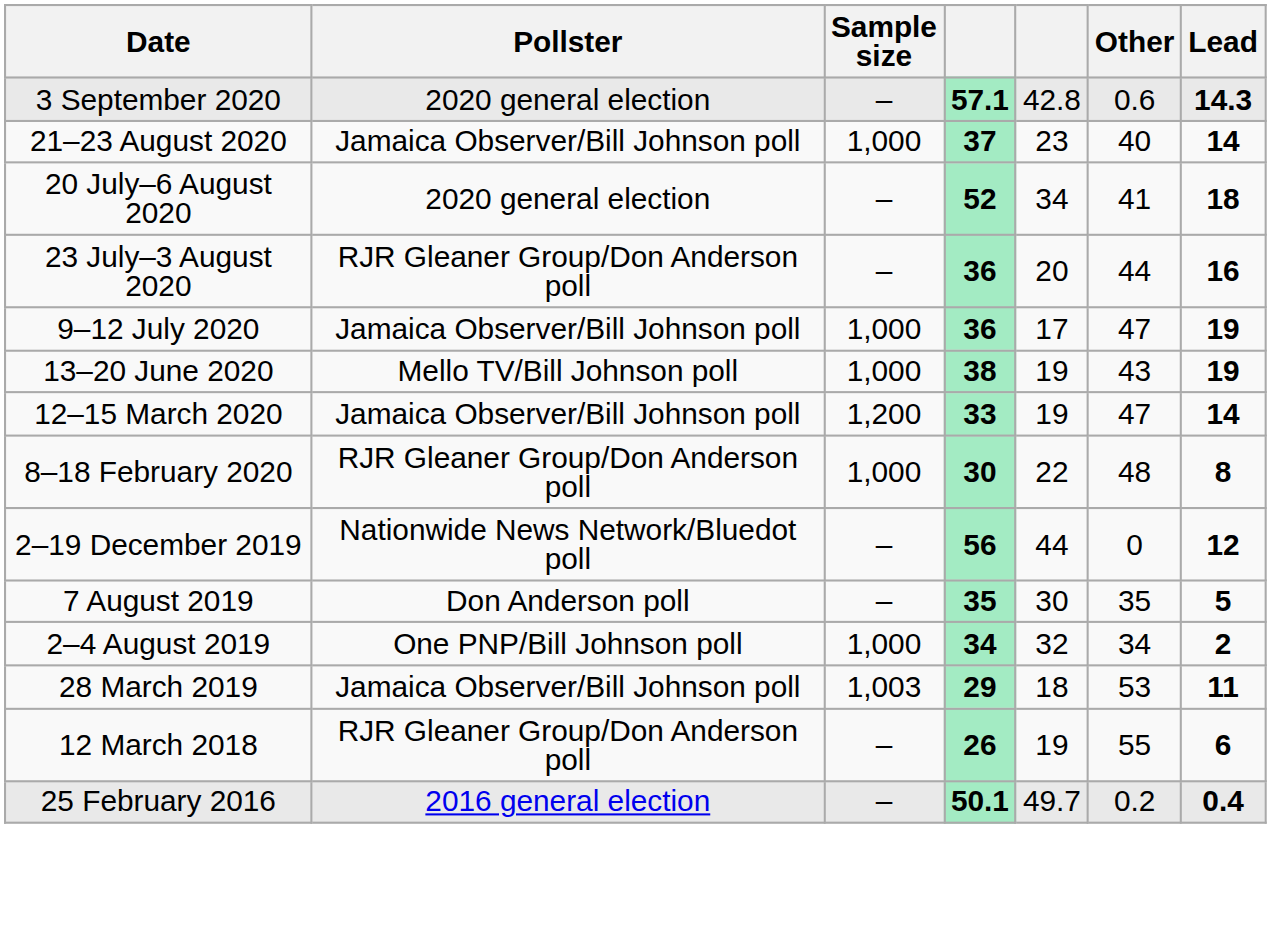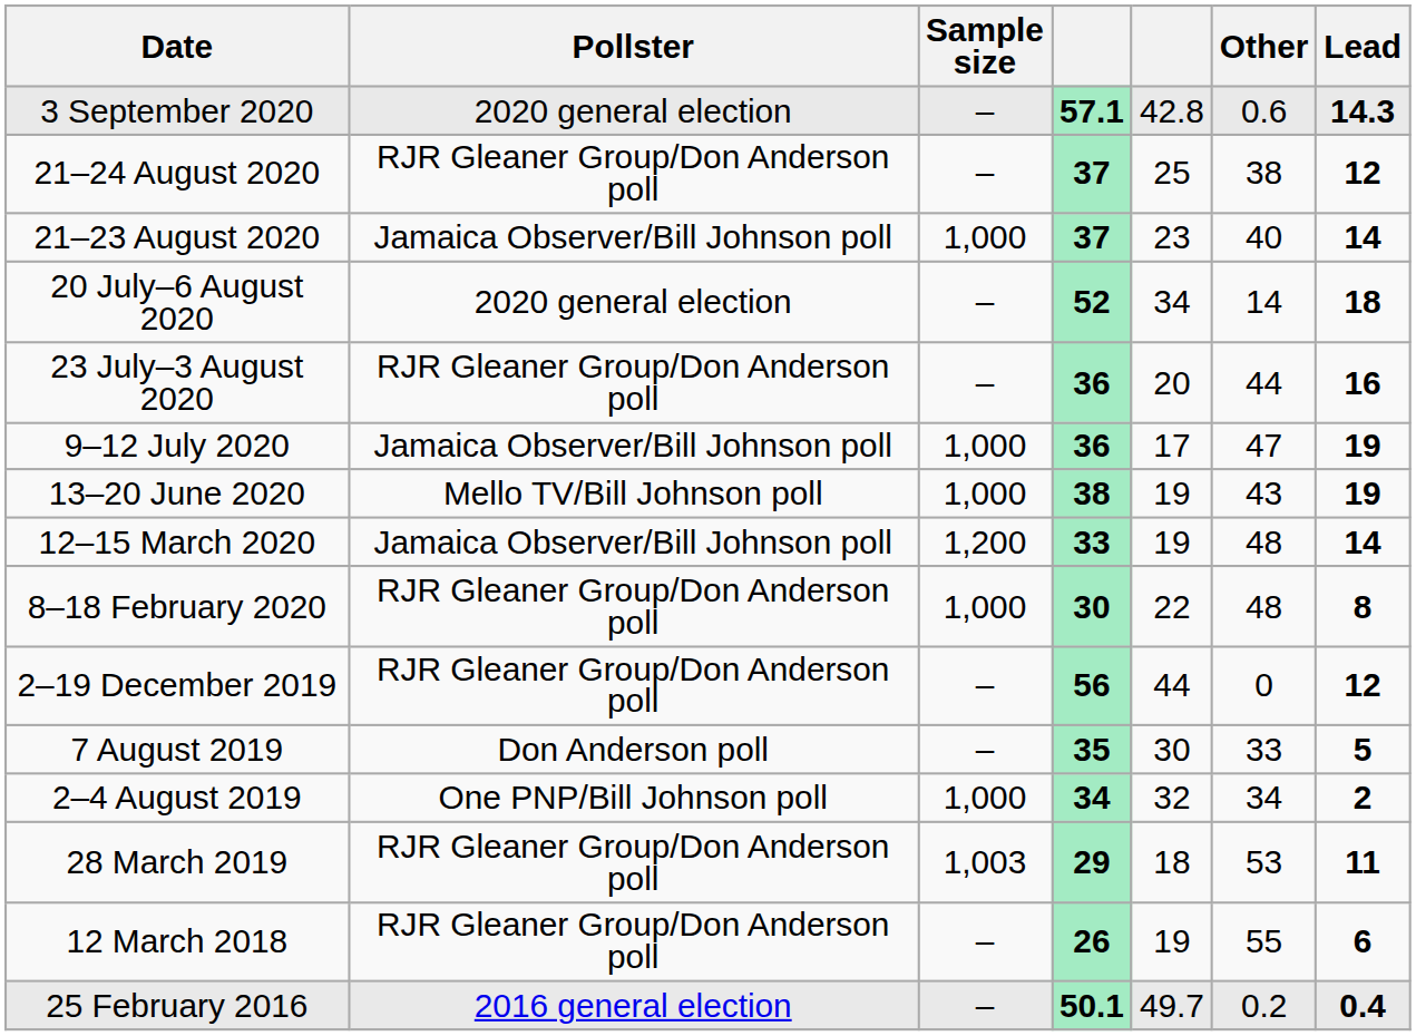 <table class="wikitable sortable" style="text-align:center;font-size:90%;line-height:14px;">
 <tr>
 <th>Date</th>
 <th>Pollster</th>
 <th>Sample<br>size</th>
 <th style="background:"><a href='#'></a></th>
 <th style="background:"><a href='#'></a></th>
 <th>Other</th>
 <th>Lead</th>
 </tr>
 <tr style="background:#E9E9E9;">
 <td>3 September 2020</td>
 <td>2020 general election</td>
 <td>–</td>
 <td style="background:#a3ebc3;"><strong>57.1</strong></td>
 <td>42.8</td>
 <td>0.6</td>
 <td style="background:"><strong>14.3</strong></td>
 </tr>
 <tr>
+<td>21–24 August 2020</td>
+<td>RJR Gleaner Group/Don Anderson poll</td>
+<td>–</td>
+<td style="background:#a3ebc3;"><strong>37</strong></td>
+<td>25</td>
+<td>38</td>
+<td style="background:"><strong>12</strong></td>
+</tr>
+<tr>
 <td>21–23 August 2020</td>
 <td>Jamaica Observer/Bill Johnson poll</td>
 <td>1,000</td>
 <td style="background:#a3ebc3;"><strong>37</strong></td>
 <td>23</td>
 <td>40</td>
 <td style="background:"><strong>14</strong></td>
 </tr>
 <tr>
 <td>20 July–6 August 2020</td>
 <td>2020 general election</td>
 <td>–</td>
 <td style="background:#a3ebc3;"><strong>52</strong></td>
 <td>34</td>
-<td>41</td>
+<td>14</td>
 <td style="background:"><strong>18</strong></td>
 </tr>
 <tr>
 <td>23 July–3 August 2020</td>
 <td>RJR Gleaner Group/Don Anderson poll</td>
 <td>–</td>
 <td style="background:#a3ebc3;"><strong>36</strong></td>
 <td>20</td>
 <td>44</td>
 <td style="background:"><strong>16</strong></td>
 </tr>
 <tr>
 <td>9–12 July 2020</td>
 <td>Jamaica Observer/Bill Johnson poll</td>
 <td>1,000</td>
 <td style="background:#a3ebc3;"><strong>36</strong></td>
 <td>17</td>
 <td>47</td>
 <td style="background:"><strong>19</strong></td>
 </tr>
 <tr>
 <td>13–20 June 2020</td>
 <td>Mello TV/Bill Johnson poll</td>
 <td>1,000</td>
 <td style="background:#a3ebc3;"><strong>38</strong></td>
 <td>19</td>
 <td>43</td>
 <td style="background:"><strong>19</strong></td>
 </tr>
 <tr>
 <td>12–15 March 2020</td>
 <td>Jamaica Observer/Bill Johnson poll</td>
 <td>1,200</td>
 <td style="background:#a3ebc3;"><strong>33</strong></td>
 <td>19</td>
-<td>47</td>
+<td>48</td>
 <td style="background:"><strong>14</strong></td>
 </tr>
 <tr>
 <td>8–18 February 2020</td>
 <td>RJR Gleaner Group/Don Anderson poll</td>
 <td>1,000</td>
 <td style="background:#a3ebc3;"><strong>30</strong></td>
 <td>22</td>
 <td>48</td>
 <td style="background:"><strong>8</strong></td>
 </tr>
 <tr>
 <td>2–19 December 2019</td>
-<td>Nationwide News Network/Bluedot poll</td>
+<td>RJR Gleaner Group/Don Anderson poll</td>
 <td>–</td>
 <td style="background:#a3ebc3;"><strong>56</strong></td>
 <td>44</td>
 <td>0</td>
 <td style="background:"><strong>12</strong></td>
 </tr>
 <tr>
 <td>7 August 2019</td>
 <td>Don Anderson poll</td>
 <td>–</td>
 <td style="background:#a3ebc3;"><strong>35</strong></td>
 <td>30</td>
-<td>35</td>
+<td>33</td>
 <td style="background:"><strong>5</strong></td>
 </tr>
 <tr>
 <td>2–4 August 2019</td>
 <td>One PNP/Bill Johnson poll</td>
 <td>1,000</td>
 <td style="background:#a3ebc3;"><strong>34</strong></td>
 <td>32</td>
 <td>34</td>
 <td style="background:"><strong>2</strong></td>
 </tr>
 <tr>
 <td>28 March 2019</td>
-<td>Jamaica Observer/Bill Johnson poll</td>
+<td>RJR Gleaner Group/Don Anderson poll</td>
 <td>1,003</td>
 <td style="background:#a3ebc3;"><strong>29</strong></td>
 <td>18</td>
 <td>53</td>
 <td style="background:"><strong>11</strong></td>
 </tr>
 <tr>
 <td>12 March 2018</td>
 <td>RJR Gleaner Group/Don Anderson poll</td>
 <td>–</td>
 <td style="background:#a3ebc3;"><strong>26</strong></td>
 <td>19</td>
 <td>55</td>
 <td style="background:"><strong>6</strong></td>
 </tr>
 <tr style="background:#E9E9E9;">
 <td>25 February 2016</td>
 <td><a href='#'>2016 general election</a></td>
 <td>–</td>
 <td style="background:#a3ebc3;"><strong>50.1</strong></td>
 <td>49.7</td>
 <td>0.2</td>
 <td style="background:"><strong>0.4</strong></td>
 </tr>
 </table>
